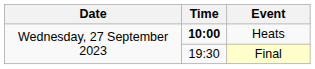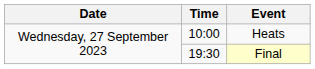 <table class = "wikitable" style="text-align:center;">
 <tr>
 <th width=220>Date</th>
 <th width=50>Time</th>
 <th width=100>Event</th>
 </tr>
 <tr>
 <td rowspan=2>Wednesday, 27 September 2023</td>
-<td><strong>10:00</strong></td>
+<td>10:00</td>
 <td>Heats</td>
 </tr>
 <tr>
 <td>19:30</td>
 <td bgcolor=ffffcc>Final</td>
 </tr>
 </table>
